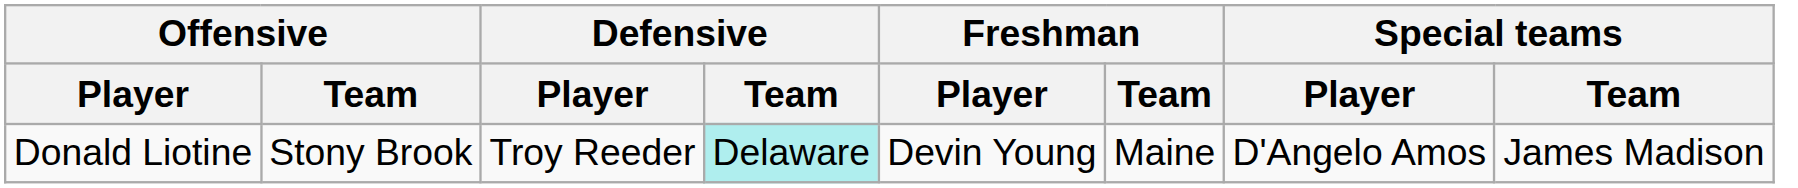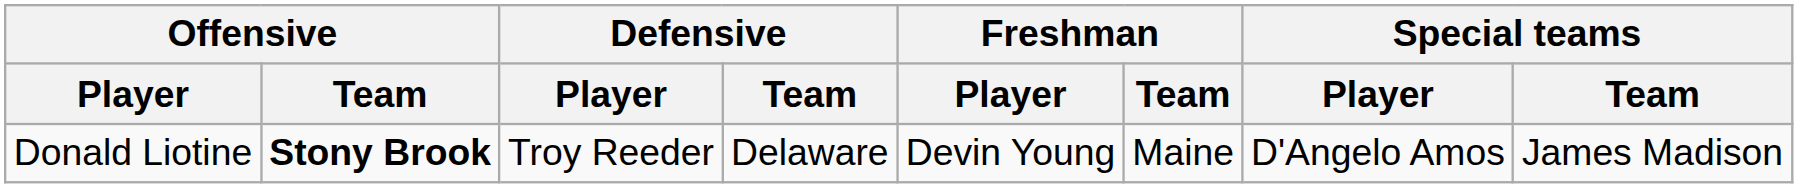 <table class="wikitable" border="1">
 <tr>
 <th colspan="2">Offensive</th>
 <th colspan="2">Defensive</th>
 <th colspan="2">Freshman</th>
 <th colspan="2">Special teams</th>
 </tr>
 <tr>
 <th>Player</th>
 <th>Team</th>
 <th>Player</th>
 <th>Team</th>
 <th>Player</th>
 <th>Team</th>
 <th>Player</th>
 <th>Team</th>
 </tr>
 <tr>
 <td>Donald Liotine</td>
-<td>Stony Brook</td>
+<td><strong>Stony Brook</strong></td>
 <td>Troy Reeder</td>
-<td style="background: paleturquoise;">Delaware</td>
+<td>Delaware</td>
 <td>Devin Young</td>
 <td>Maine</td>
 <td>D'Angelo Amos</td>
 <td>James Madison</td>
 </tr>
 </table>
